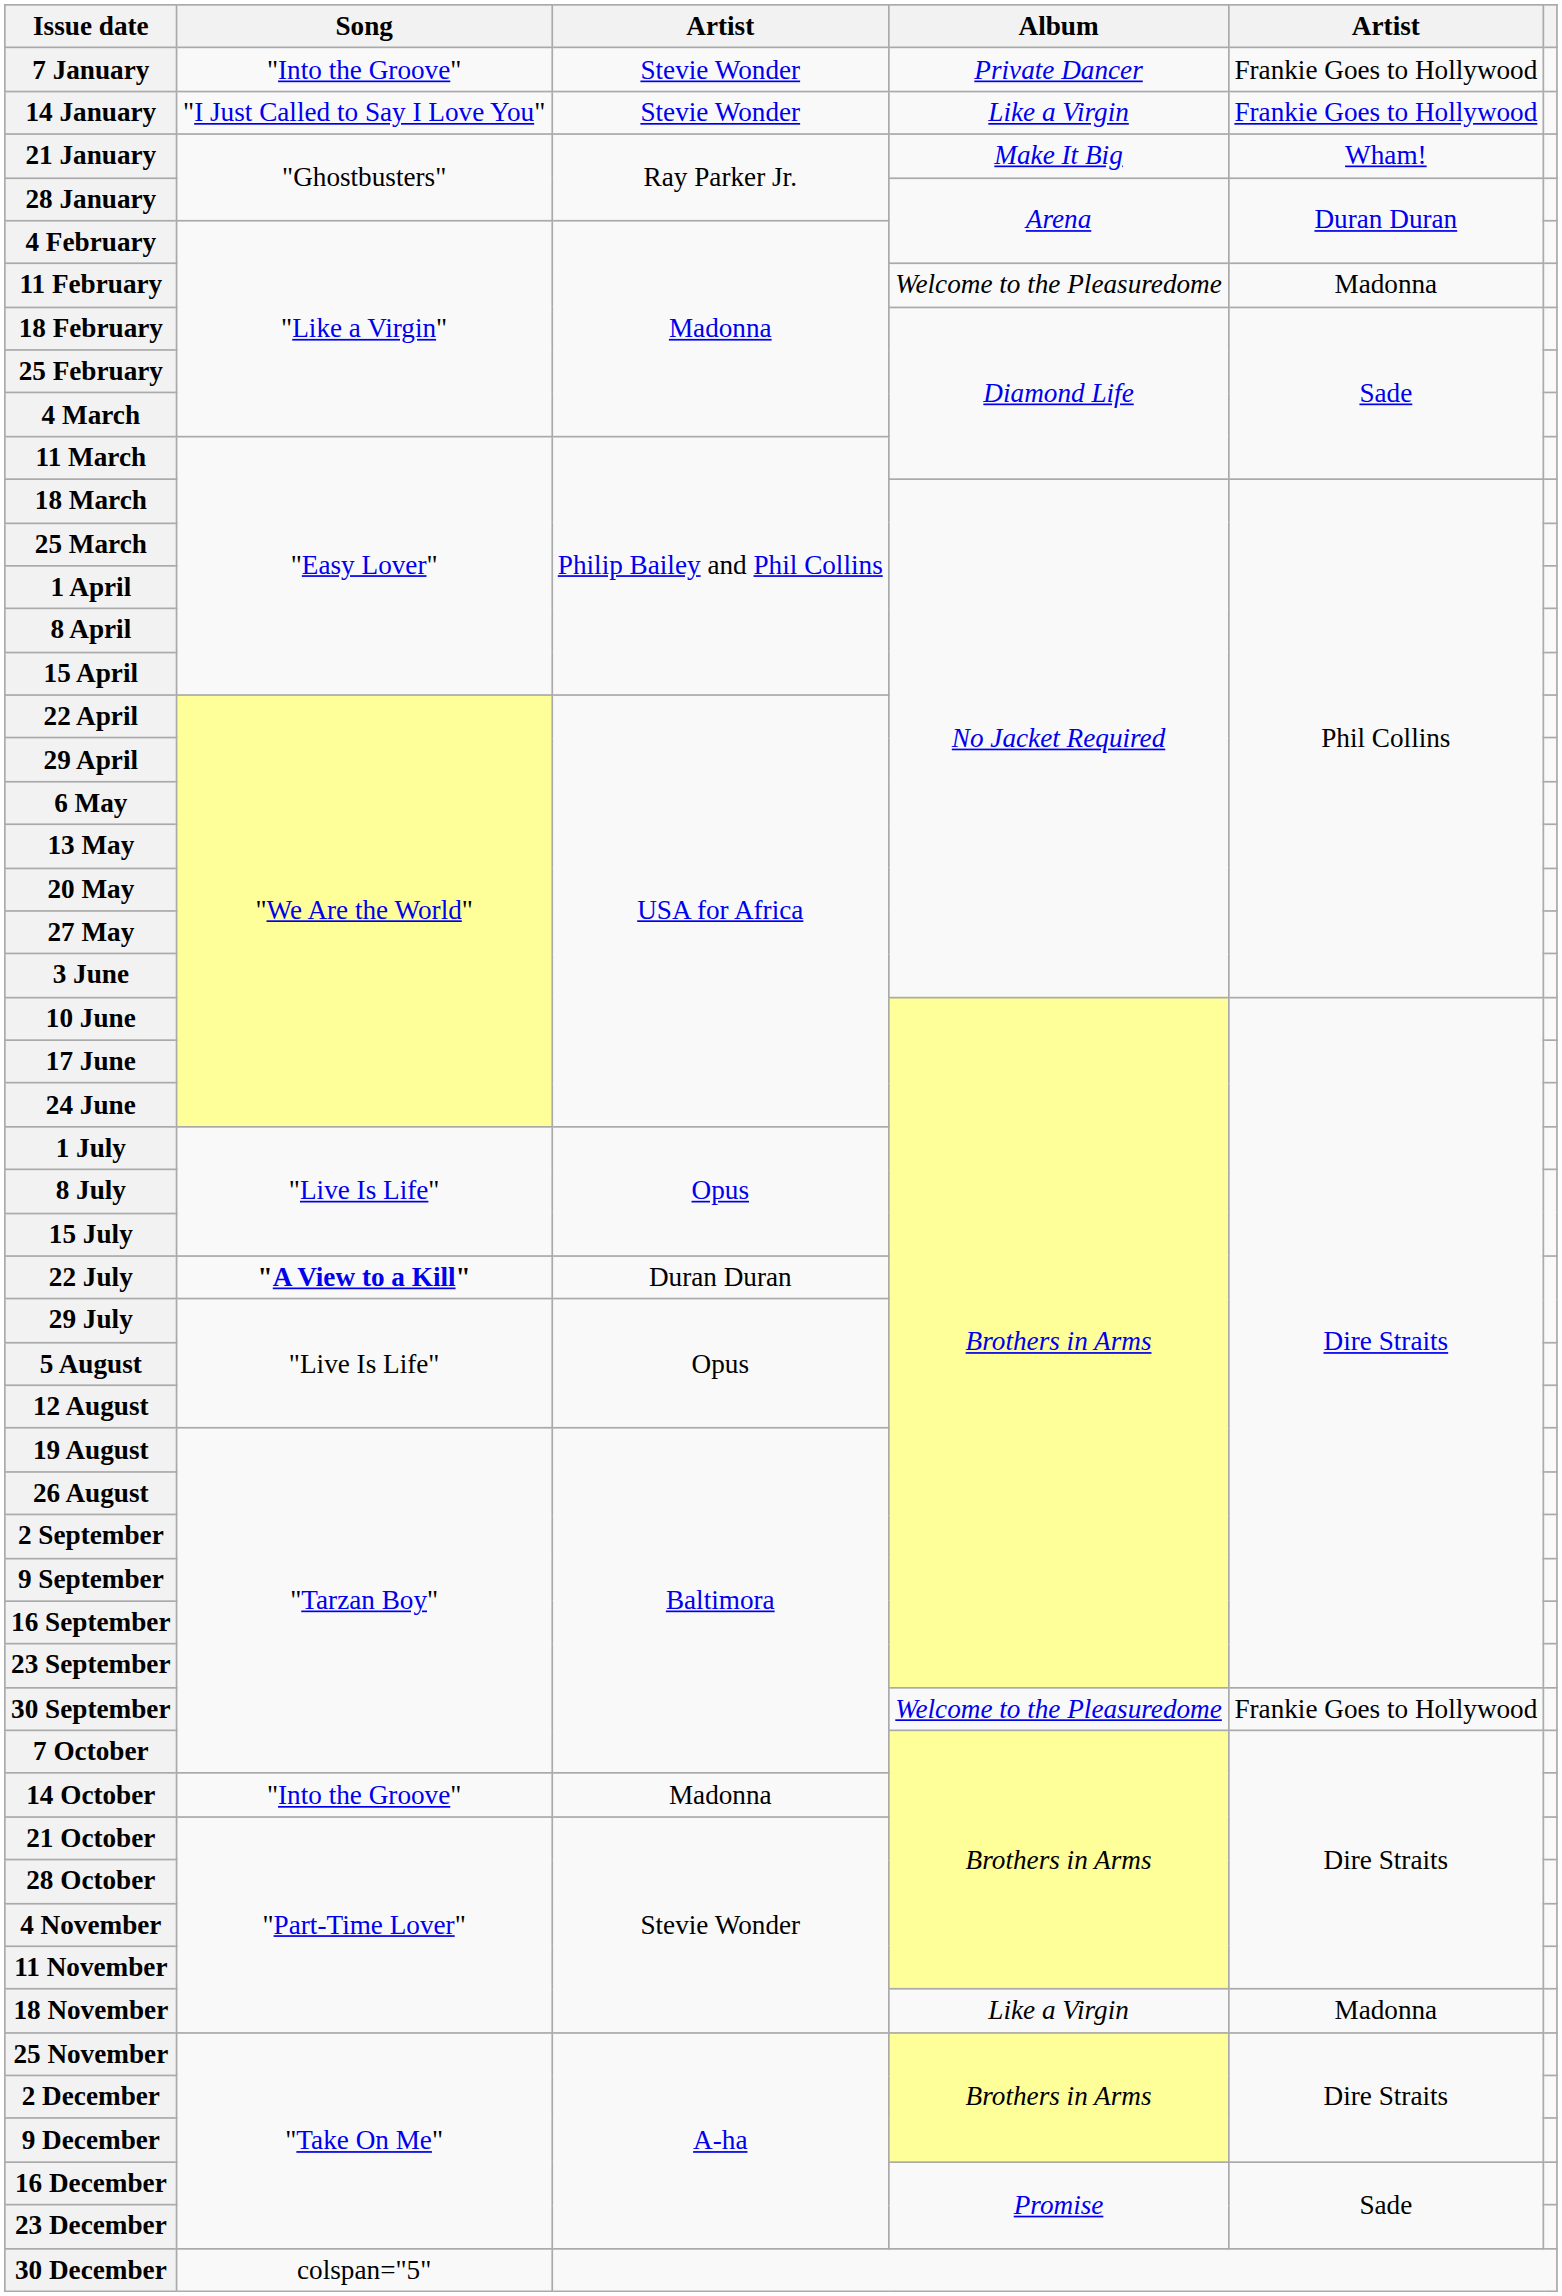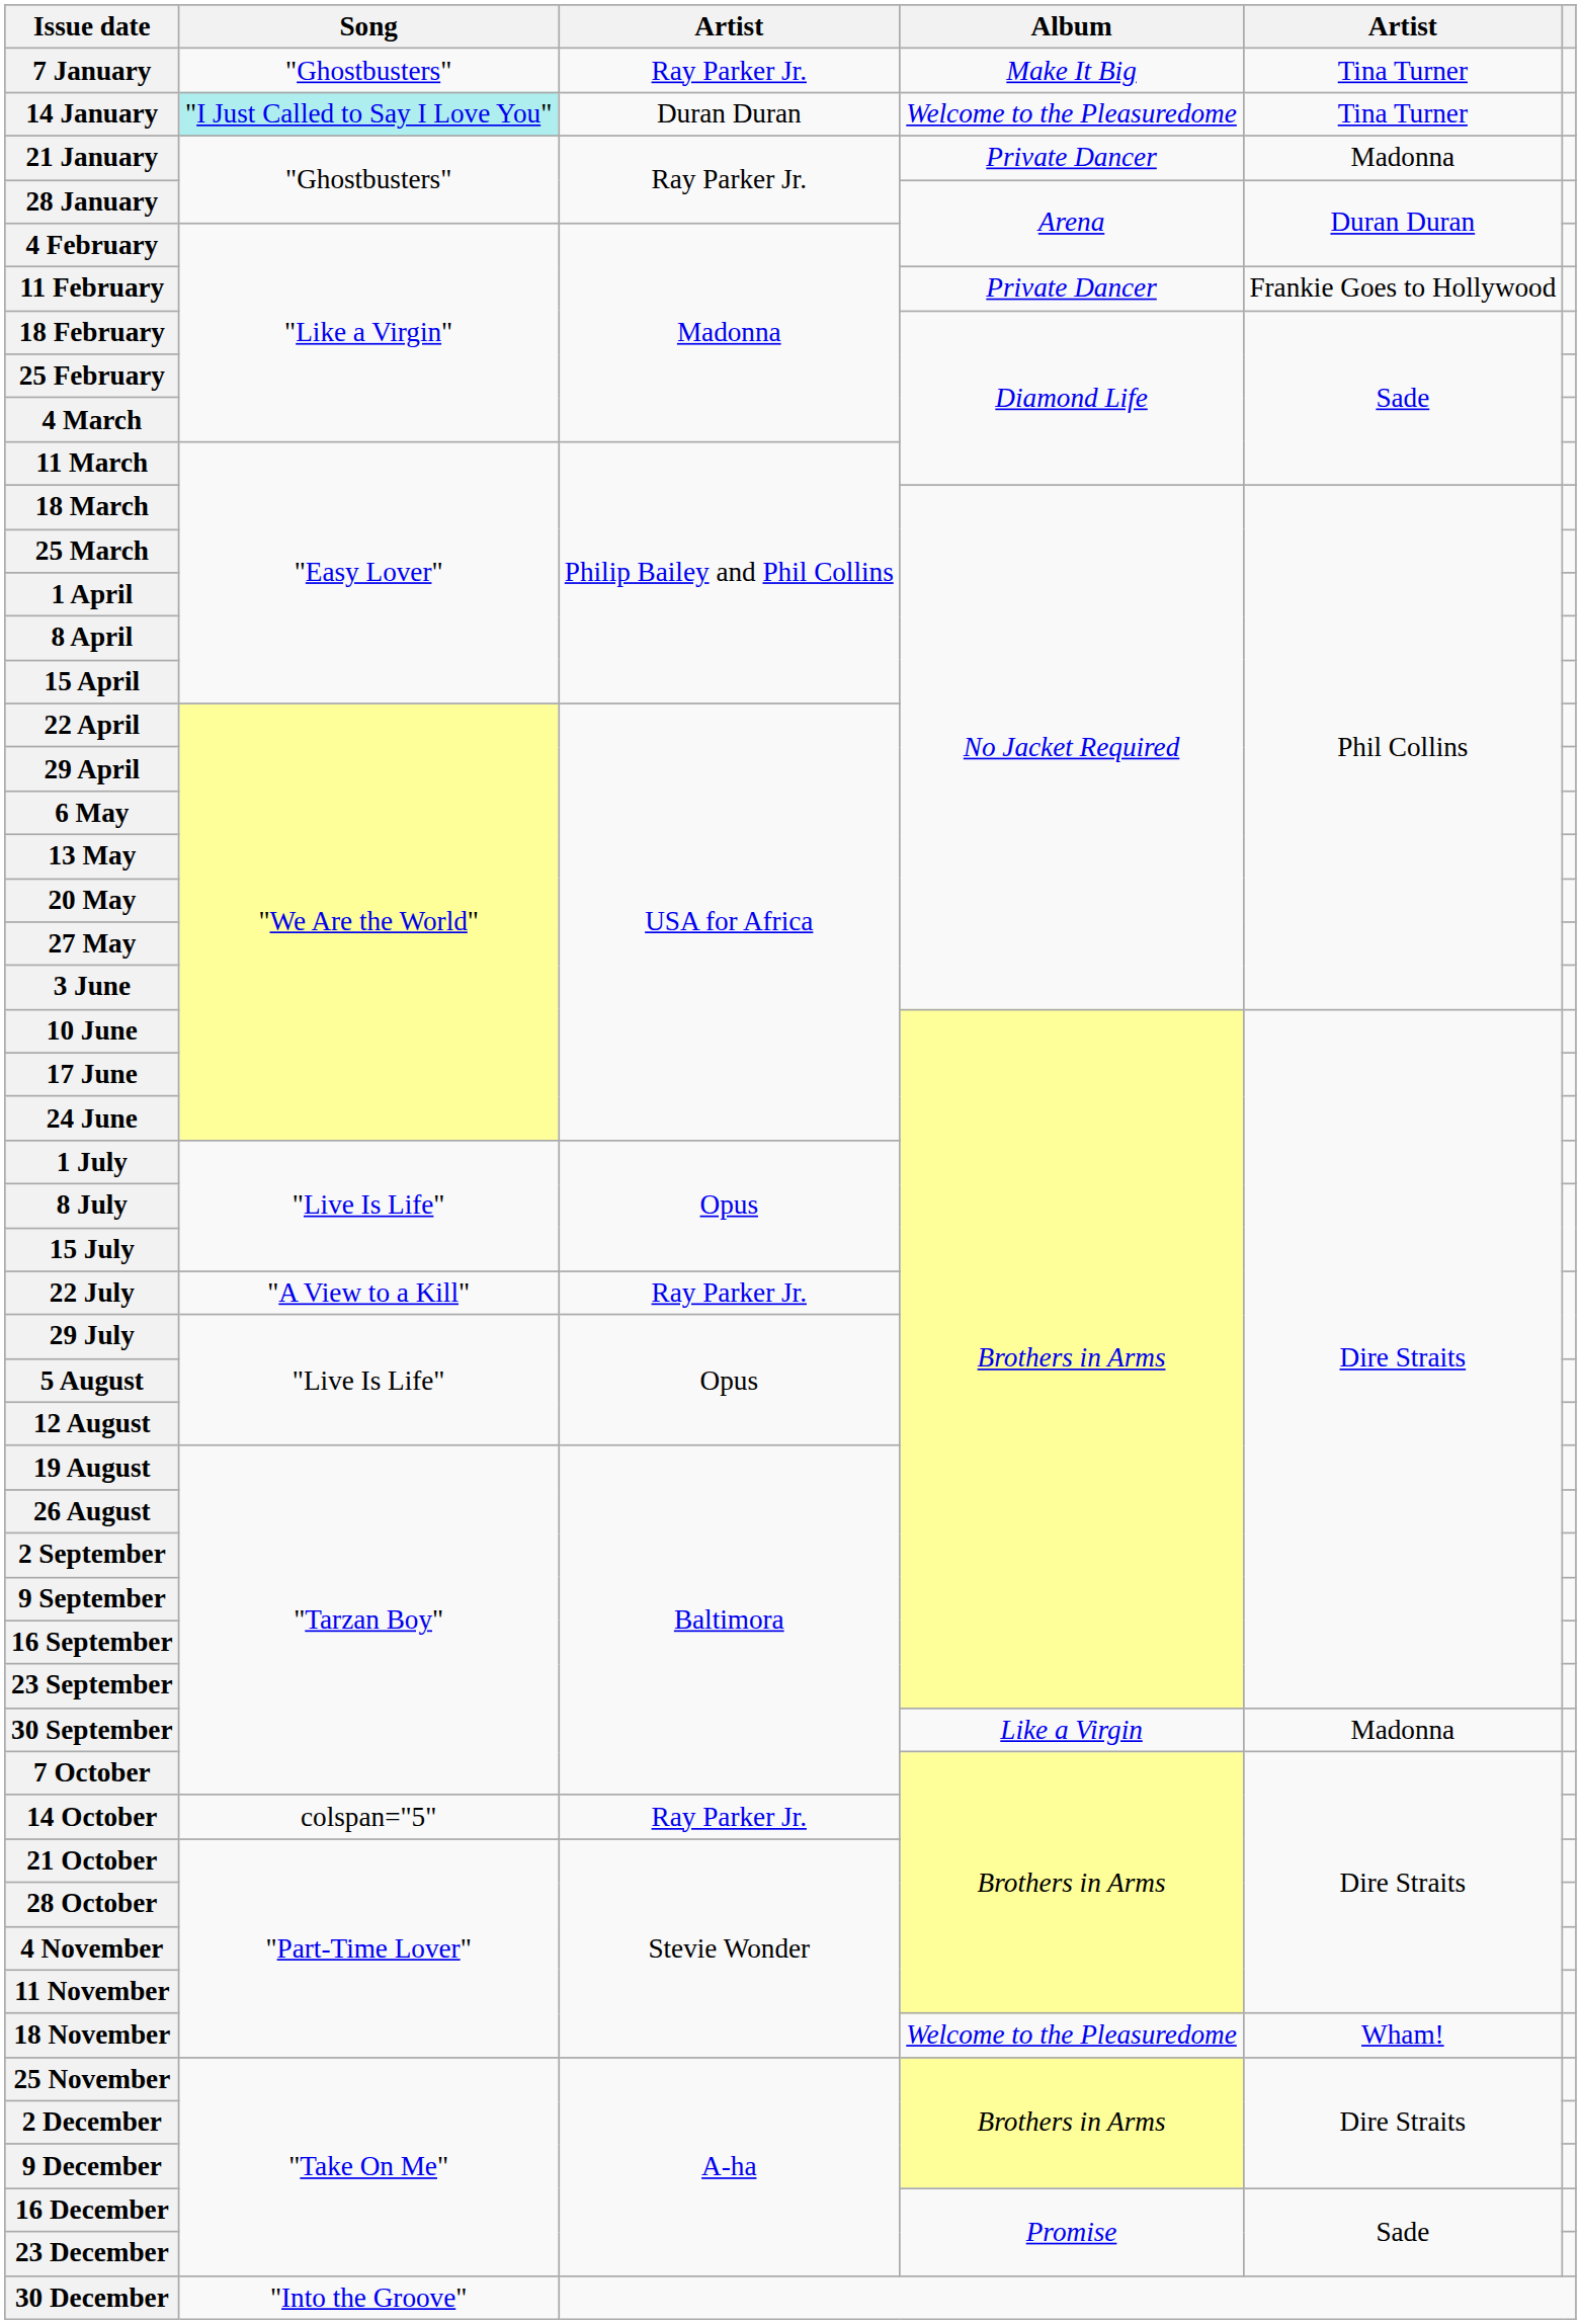 <table class="wikitable plainrowheaders" style="text-align:center">
 <tr>
 <th scope="col">Issue date</th>
 <th scope="col">Song</th>
 <th scope="col">Artist</th>
 <th scope="col">Album</th>
 <th scope="col">Artist</th>
 <th scope="col"></th>
 </tr>
 <tr>
 <th scope="row">7 January</th>
-<td>"<a href='#'>Into the Groove</a>"</td>
-<td><a href='#'>Stevie Wonder</a></td>
-<td><em><a href='#'>Private Dancer</a></em></td>
-<td>Frankie Goes to Hollywood</td>
+<td>"<a href='#'>Ghostbusters</a>"</td>
+<td><a href='#'>Ray Parker Jr.</a></td>
+<td><em><a href='#'>Make It Big</a></em></td>
+<td><a href='#'>Tina Turner</a></td>
 <td></td>
 </tr>
 <tr>
 <th scope="row">14 January</th>
-<td>"<a href='#'>I Just Called to Say I Love You</a>"</td>
-<td><a href='#'>Stevie Wonder</a></td>
-<td><em><a href='#'>Like a Virgin</a></em></td>
-<td><a href='#'>Frankie Goes to Hollywood</a></td>
+<td style="background: paleturquoise;">"<a href='#'>I Just Called to Say I Love You</a>"</td>
+<td>Duran Duran</td>
+<td><em><a href='#'>Welcome to the Pleasuredome</a></em></td>
+<td><a href='#'>Tina Turner</a></td>
 <td></td>
 </tr>
 <tr>
 <th scope="row">21 January</th>
 <td rowspan="2">"Ghostbusters"</td>
 <td rowspan="2">Ray Parker Jr.</td>
-<td><em><a href='#'>Make It Big</a></em></td>
-<td><a href='#'>Wham!</a></td>
+<td><em><a href='#'>Private Dancer</a></em></td>
+<td>Madonna</td>
 <td></td>
 </tr>
 <tr>
 <th scope="row">28 January</th>
 <td rowspan="2"><em><a href='#'>Arena</a></em></td>
 <td rowspan="2"><a href='#'>Duran Duran</a></td>
 <td></td>
 </tr>
 <tr>
 <th scope="row">4 February</th>
 <td rowspan="5">"<a href='#'>Like a Virgin</a>"</td>
 <td rowspan="5"><a href='#'>Madonna</a></td>
 <td></td>
 </tr>
 <tr>
 <th scope="row">11 February</th>
-<td><em>Welcome to the Pleasuredome</em></td>
-<td>Madonna</td>
+<td><em><a href='#'>Private Dancer</a></em></td>
+<td>Frankie Goes to Hollywood</td>
 <td></td>
 </tr>
 <tr>
 <th scope="row">18 February</th>
 <td rowspan="4"><em><a href='#'>Diamond Life</a></em></td>
 <td rowspan="4"><a href='#'>Sade</a></td>
 <td></td>
 </tr>
 <tr>
 <th scope="row">25 February</th>
 <td></td>
 </tr>
 <tr>
 <th scope="row">4 March</th>
 <td></td>
 </tr>
 <tr>
 <th scope="row">11 March</th>
 <td rowspan="6">"<a href='#'>Easy Lover</a>"</td>
 <td rowspan="6"><a href='#'>Philip Bailey</a> and <a href='#'>Phil Collins</a></td>
 <td></td>
 </tr>
 <tr>
 <th scope="row">18 March</th>
 <td rowspan="12"><em><a href='#'>No Jacket Required</a></em></td>
 <td rowspan="12">Phil Collins</td>
 <td></td>
 </tr>
 <tr>
 <th scope="row">25 March</th>
 <td></td>
 </tr>
 <tr>
 <th scope="row">1 April</th>
 <td></td>
 </tr>
 <tr>
 <th scope="row">8 April</th>
 <td></td>
 </tr>
 <tr>
 <th scope="row">15 April</th>
 <td></td>
 </tr>
 <tr>
 <th scope="row">22 April</th>
 <td bgcolor=#FFFF99 rowspan="10">"<a href='#'>We Are the World</a>" </td>
 <td rowspan="10"><a href='#'>USA for Africa</a></td>
 <td></td>
 </tr>
 <tr>
 <th scope="row">29 April</th>
 <td></td>
 </tr>
 <tr>
 <th scope="row">6 May</th>
 <td></td>
 </tr>
 <tr>
 <th scope="row">13 May</th>
 <td></td>
 </tr>
 <tr>
 <th scope="row">20 May</th>
 <td></td>
 </tr>
 <tr>
 <th scope="row">27 May</th>
 <td></td>
 </tr>
 <tr>
 <th scope="row">3 June</th>
 <td></td>
 </tr>
 <tr>
 <th scope="row">10 June</th>
 <td bgcolor=#FFFF99 rowspan="16"><em><a href='#'>Brothers in Arms</a></em> </td>
 <td rowspan="16"><a href='#'>Dire Straits</a></td>
 <td></td>
 </tr>
 <tr>
 <th scope="row">17 June</th>
 <td></td>
 </tr>
 <tr>
 <th scope="row">24 June</th>
 <td></td>
 </tr>
 <tr>
 <th scope="row">1 July</th>
 <td rowspan="3">"<a href='#'>Live Is Life</a>"</td>
 <td rowspan="3"><a href='#'>Opus</a></td>
 <td></td>
 </tr>
 <tr>
 <th scope="row">8 July</th>
 <td rowspan="2"></td>
 </tr>
 <tr>
 <th scope="row">15 July</th>
 </tr>
 <tr>
 <th scope="row">22 July</th>
-<td><strong>"<a href='#'>A View to a Kill</a>"</strong></td>
-<td>Duran Duran</td>
+<td>"<a href='#'>A View to a Kill</a>"</td>
+<td><a href='#'>Ray Parker Jr.</a></td>
 <td rowspan="2"></td>
 </tr>
 <tr>
 <th scope="row">29 July</th>
 <td rowspan="3">"Live Is Life"</td>
 <td rowspan="3">Opus</td>
 </tr>
 <tr>
 <th scope="row">5 August</th>
 <td></td>
 </tr>
 <tr>
 <th scope="row">12 August</th>
 <td></td>
 </tr>
 <tr>
 <th scope="row">19 August</th>
 <td rowspan="8">"<a href='#'>Tarzan Boy</a>"</td>
 <td rowspan="8"><a href='#'>Baltimora</a></td>
 <td></td>
 </tr>
 <tr>
 <th scope="row">26 August</th>
 <td></td>
 </tr>
 <tr>
 <th scope="row">2 September</th>
 <td></td>
 </tr>
 <tr>
 <th scope="row">9 September</th>
 <td></td>
 </tr>
 <tr>
 <th scope="row">16 September</th>
 <td></td>
 </tr>
 <tr>
 <th scope="row">23 September</th>
 <td></td>
 </tr>
 <tr>
 <th scope="row">30 September</th>
-<td><em><a href='#'>Welcome to the Pleasuredome</a></em></td>
-<td>Frankie Goes to Hollywood</td>
+<td><em><a href='#'>Like a Virgin</a></em></td>
+<td>Madonna</td>
 <td></td>
 </tr>
 <tr>
 <th scope="row">7 October</th>
 <td bgcolor=#FFFF99 rowspan="6"><em>Brothers in Arms</em> </td>
 <td rowspan="6">Dire Straits</td>
 <td></td>
 </tr>
 <tr>
 <th scope="row">14 October</th>
-<td>"<a href='#'>Into the Groove</a>"</td>
-<td>Madonna</td>
+<td>colspan="5" </td>
+<td><a href='#'>Ray Parker Jr.</a></td>
 <td></td>
 </tr>
 <tr>
 <th scope="row">21 October</th>
 <td rowspan="5">"<a href='#'>Part-Time Lover</a>"</td>
 <td rowspan="5">Stevie Wonder</td>
 <td></td>
 </tr>
 <tr>
 <th scope="row">28 October</th>
 <td></td>
 </tr>
 <tr>
 <th scope="row">4 November</th>
 <td></td>
 </tr>
 <tr>
 <th scope="row">11 November</th>
 <td></td>
 </tr>
 <tr>
 <th scope="row">18 November</th>
-<td><em>Like a Virgin</em></td>
-<td>Madonna</td>
+<td><em><a href='#'>Welcome to the Pleasuredome</a></em></td>
+<td><a href='#'>Wham!</a></td>
 <td></td>
 </tr>
 <tr>
 <th scope="row">25 November</th>
 <td rowspan="5">"<a href='#'>Take On Me</a>"</td>
 <td rowspan="5"><a href='#'>A-ha</a></td>
 <td bgcolor=#FFFF99 rowspan="3"><em>Brothers in Arms</em> </td>
 <td rowspan="3">Dire Straits</td>
 <td></td>
 </tr>
 <tr>
 <th scope="row">2 December</th>
 <td></td>
 </tr>
 <tr>
 <th scope="row">9 December</th>
 <td></td>
 </tr>
 <tr>
 <th scope="row">16 December</th>
 <td rowspan="2"><em><a href='#'>Promise</a></em></td>
 <td rowspan="2">Sade</td>
 <td></td>
 </tr>
 <tr>
 <th scope="row">23 December</th>
 <td></td>
 </tr>
 <tr>
 <th scope="row">30 December</th>
-<td>colspan="5" </td>
+<td>"<a href='#'>Into the Groove</a>"</td>
 </tr>
 </table>
